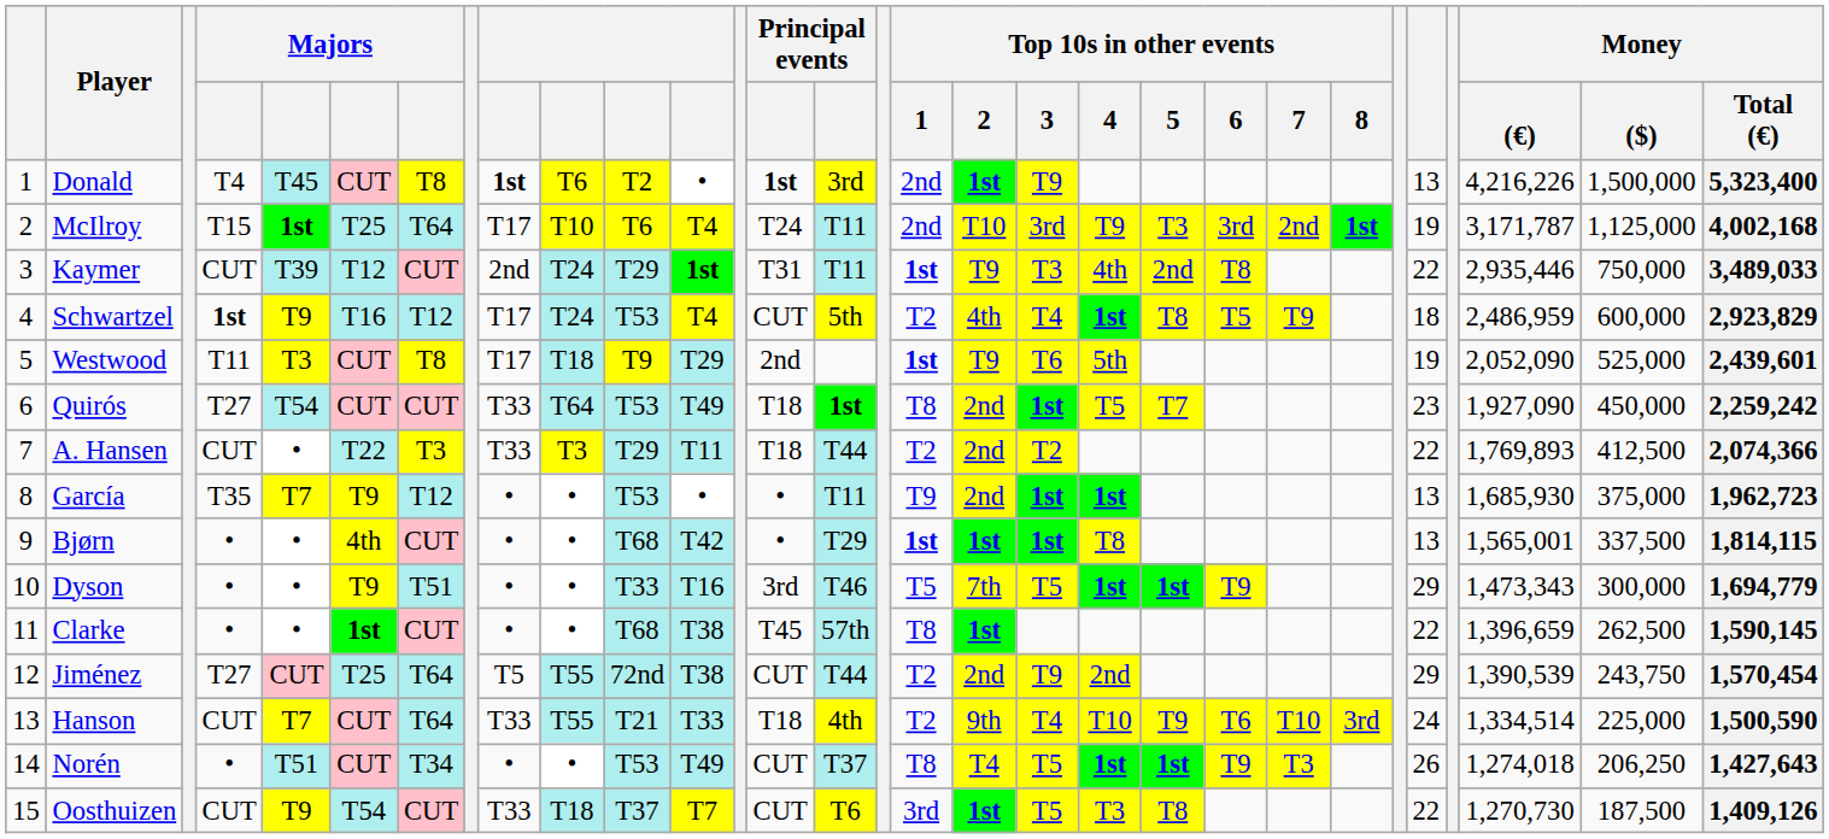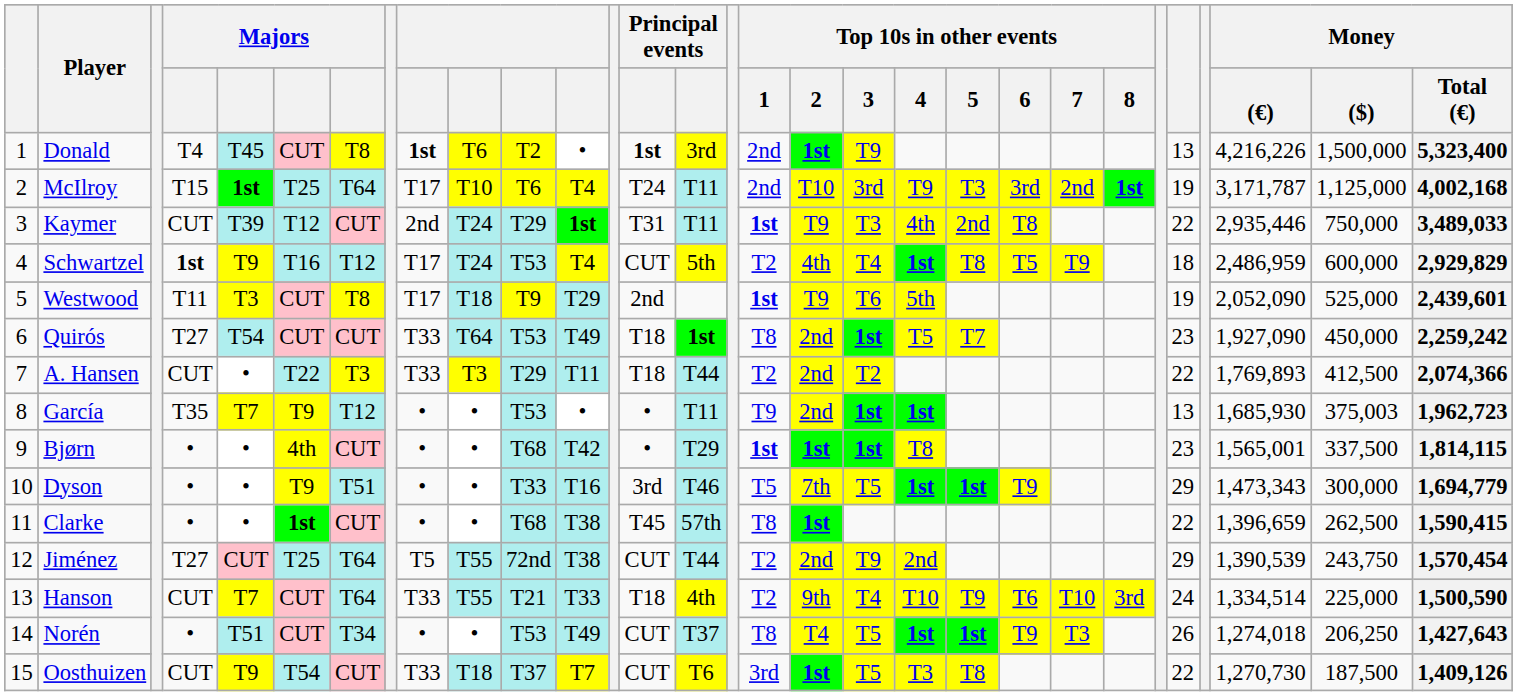 <table class=wikitable style=font-size:85%;text-align:center>
 <tr>
 <th rowspan=2></th>
 <th rowspan="2";>Player</th>
 <th rowspan="32"></th>
 <th colspan=4><a href='#'>Majors</a></th>
 <th rowspan="32"></th>
 <th colspan=4></th>
 <th rowspan="32"></th>
 <th colspan=2>Principal events</th>
 <th rowspan="32"></th>
 <th colspan="8">Top 10s in other  events</th>
 <th rowspan="32"></th>
 <th rowspan=2></th>
 <th rowspan="32"></th>
 <th colspan=3>Money</th>
 </tr>
 <tr>
 <th style="width:25px;"></th>
 <th style="width:25px;"></th>
 <th style="width:25px;"></th>
 <th style="width:25px;"></th>
 <th style="width:25px;"></th>
 <th style="width:25px;"></th>
 <th style="width:25px;"></th>
 <th style="width:25px;"></th>
 <th style="width:25px;"></th>
 <th style="width:25px;"></th>
 <th style="width:25px;">1</th>
 <th style="width:25px;">2</th>
 <th style="width:25px;">3</th>
 <th style="width:25px;">4</th>
 <th style="width:25px;">5</th>
 <th style="width:25px;">6</th>
 <th style="width:25px;">7</th>
 <th style="width:25px;">8</th>
 <th style=“width:25px;”><br>(€)</th>
 <th style=“width:25px;”><br>($)</th>
 <th style=“width:25px;”>Total<br>(€)</th>
 </tr>
 <tr>
 <td>1</td>
 <td align="left"> <a href='#'>Donald</a></td>
 <td>T4</td>
 <td bgcolor="afeeee">T45</td>
 <td bgcolor="pink">CUT</td>
 <td bgcolor="yellow">T8</td>
 <td><strong>1st</strong></td>
 <td bgcolor="yellow">T6</td>
 <td bgcolor="yellow">T2</td>
 <td style="background:white">•</td>
 <td><strong>1st</strong></td>
 <td bgcolor="yellow">3rd</td>
 <td><a href='#'>2nd</a></td>
 <td bgcolor="lime"><a href='#'><strong>1st</strong></a></td>
 <td bgcolor="yellow"><a href='#'>T9</a></td>
 <td bgcolor=""></td>
 <td bgcolor=""></td>
 <td bgcolor=""></td>
 <td bgcolor=""></td>
 <td bgcolor=""></td>
 <td>13</td>
 <td>4,216,226</td>
 <td>1,500,000</td>
 <th>5,323,400</th>
 </tr>
 <tr>
 <td>2</td>
 <td align="left"> <a href='#'>McIlroy</a></td>
 <td>T15</td>
 <td bgcolor="lime"><strong>1st</strong></td>
 <td bgcolor="afeeee">T25</td>
 <td bgcolor="afeeee">T64</td>
 <td>T17</td>
 <td bgcolor="yellow">T10</td>
 <td bgcolor="yellow">T6</td>
 <td bgcolor="yellow">T4</td>
 <td>T24</td>
 <td bgcolor="afeeee">T11</td>
 <td><a href='#'>2nd</a></td>
 <td bgcolor="yellow"><a href='#'>T10</a></td>
 <td bgcolor="yellow"><a href='#'>3rd</a></td>
 <td bgcolor="yellow"><a href='#'>T9</a></td>
 <td bgcolor="yellow"><a href='#'>T3</a></td>
 <td bgcolor="yellow"><a href='#'>3rd</a></td>
 <td bgcolor="yellow"><a href='#'>2nd</a></td>
 <td bgcolor="lime"><a href='#'><strong>1st</strong></a></td>
 <td>19</td>
 <td>3,171,787</td>
 <td>1,125,000</td>
 <th>4,002,168</th>
 </tr>
 <tr>
 <td>3</td>
 <td align="left"> <a href='#'>Kaymer</a></td>
 <td>CUT</td>
 <td bgcolor="afeeee">T39</td>
 <td bgcolor="afeeee">T12</td>
 <td bgcolor="pink">CUT</td>
 <td>2nd</td>
 <td bgcolor="afeeee">T24</td>
 <td bgcolor="afeeee">T29</td>
 <td bgcolor="lime"><strong>1st</strong></td>
 <td>T31</td>
 <td bgcolor="afeeee">T11</td>
 <td><a href='#'><strong>1st</strong></a></td>
 <td bgcolor="yellow"><a href='#'>T9</a></td>
 <td bgcolor="yellow"><a href='#'>T3</a></td>
 <td bgcolor="yellow"><a href='#'>4th</a></td>
 <td bgcolor="yellow"><a href='#'>2nd</a></td>
 <td bgcolor="yellow"><a href='#'>T8</a></td>
 <td bgcolor=""></td>
 <td bgcolor=""></td>
 <td>22</td>
 <td>2,935,446</td>
 <td>750,000</td>
 <th>3,489,033</th>
 </tr>
 <tr>
 <td>4</td>
 <td align="left"> <a href='#'>Schwartzel</a></td>
 <td><strong>1st</strong></td>
 <td bgcolor="yellow">T9</td>
 <td bgcolor="afeeee">T16</td>
 <td bgcolor="afeeee">T12</td>
 <td>T17</td>
 <td bgcolor="afeeee">T24</td>
 <td bgcolor="afeeee">T53</td>
 <td bgcolor="yellow">T4</td>
 <td>CUT</td>
 <td bgcolor="yellow">5th</td>
 <td><a href='#'>T2</a></td>
 <td bgcolor="yellow"><a href='#'>4th</a></td>
 <td bgcolor="yellow"><a href='#'>T4</a></td>
 <td bgcolor="lime"><a href='#'><strong>1st</strong></a></td>
 <td bgcolor="yellow"><a href='#'>T8</a></td>
 <td bgcolor="yellow"><a href='#'>T5</a></td>
 <td bgcolor="yellow"><a href='#'>T9</a></td>
 <td bgcolor=""></td>
 <td>18</td>
 <td>2,486,959</td>
 <td>600,000</td>
-<th>2,923,829</th>
+<th>2,929,829</th>
 </tr>
 <tr>
 <td>5</td>
 <td align="left"> <a href='#'>Westwood</a></td>
 <td>T11</td>
 <td bgcolor="yellow">T3</td>
 <td bgcolor="pink">CUT</td>
 <td bgcolor="yellow">T8</td>
 <td>T17</td>
 <td bgcolor="afeeee">T18</td>
 <td bgcolor="yellow">T9</td>
 <td bgcolor="afeeee">T29</td>
 <td>2nd</td>
 <td bgcolor=""></td>
 <td><a href='#'><strong>1st</strong></a></td>
 <td bgcolor="yellow"><a href='#'>T9</a></td>
 <td bgcolor="yellow"><a href='#'>T6</a></td>
 <td bgcolor="yellow"><a href='#'>5th</a></td>
 <td bgcolor=""></td>
 <td bgcolor=""></td>
 <td bgcolor=""></td>
 <td bgcolor=""></td>
 <td>19</td>
 <td>2,052,090</td>
 <td>525,000</td>
 <th>2,439,601</th>
 </tr>
 <tr>
 <td>6</td>
 <td align="left"> <a href='#'>Quirós</a></td>
 <td>T27</td>
 <td bgcolor="afeeee">T54</td>
 <td bgcolor="pink">CUT</td>
 <td bgcolor="pink">CUT</td>
 <td>T33</td>
 <td bgcolor="afeeee">T64</td>
 <td bgcolor="afeeee">T53</td>
 <td bgcolor="afeeee">T49</td>
 <td>T18</td>
 <td bgcolor="lime"><strong>1st</strong></td>
 <td><a href='#'>T8</a></td>
 <td bgcolor="yellow"><a href='#'>2nd</a></td>
 <td bgcolor="lime"><a href='#'><strong>1st</strong></a></td>
 <td bgcolor="yellow"><a href='#'>T5</a></td>
 <td bgcolor="yellow"><a href='#'>T7</a></td>
 <td bgcolor=""></td>
 <td bgcolor=""></td>
 <td bgcolor=""></td>
 <td>23</td>
 <td>1,927,090</td>
 <td>450,000</td>
 <th>2,259,242</th>
 </tr>
 <tr>
 <td>7</td>
 <td align="left"> <a href='#'>A. Hansen</a></td>
 <td>CUT</td>
 <td style="background:white">•</td>
 <td bgcolor="afeeee">T22</td>
 <td bgcolor="yellow">T3</td>
 <td>T33</td>
 <td bgcolor="yellow">T3</td>
 <td bgcolor="afeeee">T29</td>
 <td bgcolor="afeeee">T11</td>
 <td>T18</td>
 <td bgcolor="afeeee">T44</td>
 <td><a href='#'>T2</a></td>
 <td bgcolor="yellow"><a href='#'>2nd</a></td>
 <td bgcolor="yellow"><a href='#'>T2</a></td>
 <td bgcolor=""></td>
 <td bgcolor=""></td>
 <td bgcolor=""></td>
 <td bgcolor=""></td>
 <td bgcolor=""></td>
 <td>22</td>
 <td>1,769,893</td>
 <td>412,500</td>
 <th>2,074,366</th>
 </tr>
 <tr>
 <td>8</td>
 <td align="left"> <a href='#'>García</a></td>
 <td>T35</td>
 <td bgcolor="yellow">T7</td>
 <td bgcolor="yellow">T9</td>
 <td bgcolor="afeeee">T12</td>
 <td>•</td>
 <td style="background:white">•</td>
 <td bgcolor="afeeee">T53</td>
 <td style="background:white">•</td>
 <td>•</td>
 <td bgcolor="afeeee">T11</td>
 <td><a href='#'>T9</a></td>
 <td bgcolor="yellow"><a href='#'>2nd</a></td>
 <td bgcolor="lime"><a href='#'><strong>1st</strong></a></td>
 <td bgcolor="lime"><a href='#'><strong>1st</strong></a></td>
 <td bgcolor=""></td>
 <td bgcolor=""></td>
 <td bgcolor=""></td>
 <td bgcolor=""></td>
 <td>13</td>
 <td>1,685,930</td>
-<td>375,000</td>
+<td>375,003</td>
 <th>1,962,723</th>
 </tr>
 <tr>
 <td>9</td>
 <td align="left"> <a href='#'>Bjørn</a></td>
 <td>•</td>
 <td style="background:white">•</td>
 <td bgcolor="yellow">4th</td>
 <td bgcolor="pink">CUT</td>
 <td>•</td>
 <td style="background:white">•</td>
 <td bgcolor="afeeee">T68</td>
 <td bgcolor="afeeee">T42</td>
 <td>•</td>
 <td bgcolor="afeeee">T29</td>
 <td><a href='#'><strong>1st</strong></a></td>
 <td bgcolor="lime"><a href='#'><strong>1st</strong></a></td>
 <td bgcolor="lime"><a href='#'><strong>1st</strong></a></td>
 <td bgcolor="yellow"><a href='#'>T8</a></td>
 <td bgcolor=""></td>
 <td bgcolor=""></td>
 <td bgcolor=""></td>
 <td bgcolor=""></td>
-<td>13</td>
+<td>23</td>
 <td>1,565,001</td>
 <td>337,500</td>
 <th>1,814,115</th>
 </tr>
 <tr>
 <td>10</td>
 <td align="left"> <a href='#'>Dyson</a></td>
 <td>•</td>
 <td style="background:white">•</td>
 <td bgcolor="yellow">T9</td>
 <td bgcolor="afeeee">T51</td>
 <td>•</td>
 <td style="background:white">•</td>
 <td bgcolor="afeeee">T33</td>
 <td bgcolor="afeeee">T16</td>
 <td>3rd</td>
 <td bgcolor="afeeee">T46</td>
 <td><a href='#'>T5</a></td>
 <td bgcolor="yellow"><a href='#'>7th</a></td>
 <td bgcolor="yellow"><a href='#'>T5</a></td>
 <td bgcolor="lime"><a href='#'><strong>1st</strong></a></td>
 <td bgcolor="lime"><a href='#'><strong>1st</strong></a></td>
 <td bgcolor="yellow"><a href='#'>T9</a></td>
 <td bgcolor=""></td>
 <td bgcolor=""></td>
 <td>29</td>
 <td>1,473,343</td>
 <td>300,000</td>
 <th>1,694,779</th>
 </tr>
 <tr>
 <td>11</td>
 <td align="left"> <a href='#'>Clarke</a></td>
 <td>•</td>
 <td style="background:white">•</td>
 <td bgcolor="lime"><strong>1st</strong></td>
 <td bgcolor="pink">CUT</td>
 <td>•</td>
 <td style="background:white">•</td>
 <td bgcolor="afeeee">T68</td>
 <td bgcolor="afeeee">T38</td>
 <td>T45</td>
 <td bgcolor="afeeee">57th</td>
 <td><a href='#'>T8</a></td>
 <td bgcolor="lime"><a href='#'><strong>1st</strong></a></td>
 <td bgcolor=""></td>
 <td bgcolor=""></td>
 <td bgcolor=""></td>
 <td bgcolor=""></td>
 <td bgcolor=""></td>
 <td bgcolor=""></td>
 <td>22</td>
 <td>1,396,659</td>
 <td>262,500</td>
-<th>1,590,145</th>
+<th>1,590,415</th>
 </tr>
 <tr>
 <td>12</td>
 <td align="left"> <a href='#'>Jiménez</a></td>
 <td>T27</td>
 <td bgcolor="pink">CUT</td>
 <td bgcolor="afeeee">T25</td>
 <td bgcolor="afeeee">T64</td>
 <td>T5</td>
 <td bgcolor="afeeee">T55</td>
 <td bgcolor="afeeee">72nd</td>
 <td bgcolor="afeeee">T38</td>
 <td>CUT</td>
 <td bgcolor="afeeee">T44</td>
 <td><a href='#'>T2</a></td>
 <td bgcolor="yellow"><a href='#'>2nd</a></td>
 <td bgcolor="yellow"><a href='#'>T9</a></td>
 <td bgcolor="yellow"><a href='#'>2nd</a></td>
 <td bgcolor=""></td>
 <td bgcolor=""></td>
 <td bgcolor=""></td>
 <td bgcolor=""></td>
 <td>29</td>
 <td>1,390,539</td>
 <td>243,750</td>
 <th>1,570,454</th>
 </tr>
 <tr>
 <td>13</td>
 <td align="left"> <a href='#'>Hanson</a></td>
 <td>CUT</td>
 <td bgcolor="yellow">T7</td>
 <td bgcolor="pink">CUT</td>
 <td bgcolor="afeeee">T64</td>
 <td>T33</td>
 <td bgcolor="afeeee">T55</td>
 <td bgcolor="afeeee">T21</td>
 <td bgcolor="afeeee">T33</td>
 <td>T18</td>
 <td bgcolor="yellow">4th</td>
 <td><a href='#'>T2</a></td>
 <td bgcolor="yellow"><a href='#'>9th</a></td>
 <td bgcolor="yellow"><a href='#'>T4</a></td>
 <td bgcolor="yellow"><a href='#'>T10</a></td>
 <td bgcolor="yellow"><a href='#'>T9</a></td>
 <td bgcolor="yellow"><a href='#'>T6</a></td>
 <td bgcolor="yellow"><a href='#'>T10</a></td>
 <td bgcolor="yellow"><a href='#'>3rd</a></td>
 <td>24</td>
 <td>1,334,514</td>
 <td>225,000</td>
 <th>1,500,590</th>
 </tr>
 <tr>
 <td>14</td>
 <td align="left"> <a href='#'>Norén</a></td>
 <td>•</td>
 <td bgcolor="afeeee">T51</td>
 <td bgcolor="pink">CUT</td>
 <td bgcolor="afeeee">T34</td>
 <td>•</td>
 <td style="background:white">•</td>
 <td bgcolor="afeeee">T53</td>
 <td bgcolor="afeeee">T49</td>
 <td>CUT</td>
 <td bgcolor="afeeee">T37</td>
 <td><a href='#'>T8</a></td>
 <td bgcolor="yellow"><a href='#'>T4</a></td>
 <td bgcolor="yellow"><a href='#'>T5</a></td>
 <td bgcolor="lime"><a href='#'><strong>1st</strong></a></td>
 <td bgcolor="lime"><a href='#'><strong>1st</strong></a></td>
 <td bgcolor="yellow"><a href='#'>T9</a></td>
 <td bgcolor="yellow"><a href='#'>T3</a></td>
 <td bgcolor=""></td>
 <td>26</td>
 <td>1,274,018</td>
 <td>206,250</td>
 <th>1,427,643</th>
 </tr>
 <tr>
 <td>15</td>
 <td align="left"> <a href='#'>Oosthuizen</a></td>
 <td>CUT</td>
 <td bgcolor="yellow">T9</td>
 <td bgcolor="afeeee">T54</td>
 <td bgcolor="pink">CUT</td>
 <td>T33</td>
 <td bgcolor="afeeee">T18</td>
 <td bgcolor="afeeee">T37</td>
 <td bgcolor="yellow">T7</td>
 <td>CUT</td>
 <td bgcolor="yellow">T6</td>
 <td><a href='#'>3rd</a></td>
 <td bgcolor="lime"><a href='#'><strong>1st</strong></a></td>
 <td bgcolor="yellow"><a href='#'>T5</a></td>
 <td bgcolor="yellow"><a href='#'>T3</a></td>
 <td bgcolor="yellow"><a href='#'>T8</a></td>
 <td bgcolor=""></td>
 <td bgcolor=""></td>
 <td bgcolor=""></td>
 <td>22</td>
 <td>1,270,730</td>
 <td>187,500</td>
 <th>1,409,126</th>
 </tr>
 </table>
